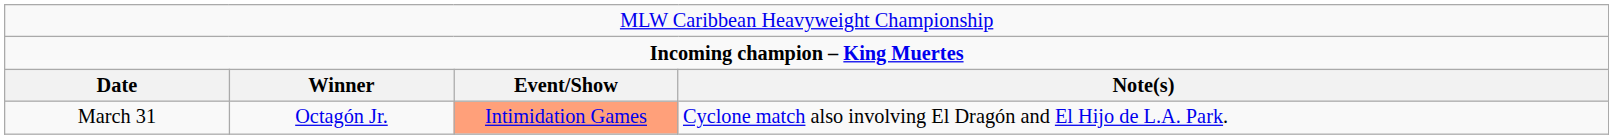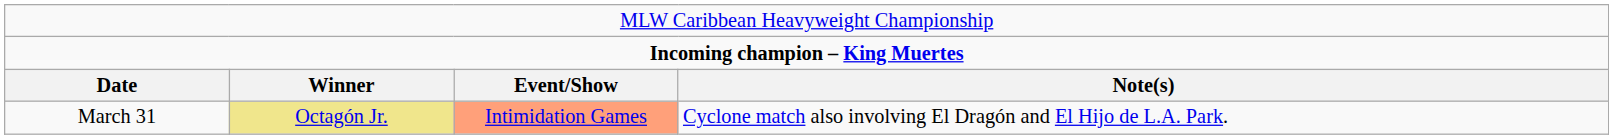 <table class="wikitable" style="text-align:center; width:100%;">
 <tr>
 <td colspan="4" style="text-align: center;"><a href='#'>MLW Caribbean Heavyweight Championship</a></td>
 </tr>
 <tr>
 <td colspan="4" style="text-align: center;"><strong>Incoming champion – <a href='#'>King Muertes</a></strong></td>
 </tr>
 <tr>
 <th width=14%>Date</th>
 <th width=14%>Winner</th>
 <th width=14%>Event/Show</th>
 <th width=58%>Note(s)</th>
 </tr>
 <tr>
 <td>March 31</td>
-<td><a href='#'>Octagón Jr.</a></td>
+<td style="background: khaki;"><a href='#'>Octagón Jr.</a></td>
 <td style="background: lightsalmon;"><a href='#'>Intimidation Games</a></td>
 <td align=left><a href='#'>Cyclone match</a> also involving El Dragón and <a href='#'>El Hijo de L.A. Park</a>.</td>
 </tr>
 </table>
